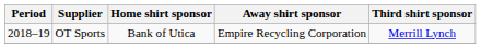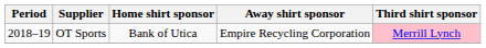 <table class="wikitable" style="text-align: center">
 <tr>
 <th>Period</th>
 <th>Supplier</th>
 <th>Home shirt sponsor</th>
 <th>Away shirt sponsor</th>
 <th>Third shirt sponsor</th>
 </tr>
 <tr>
 <td>2018–19</td>
 <td>OT Sports</td>
 <td>Bank of Utica</td>
 <td>Empire Recycling Corporation</td>
-<td><a href='#'>Merrill Lynch</a></td>
+<td style="background: pink;"><a href='#'>Merrill Lynch</a></td>
 </tr>
 <tr>
 </tr>
 </table>
